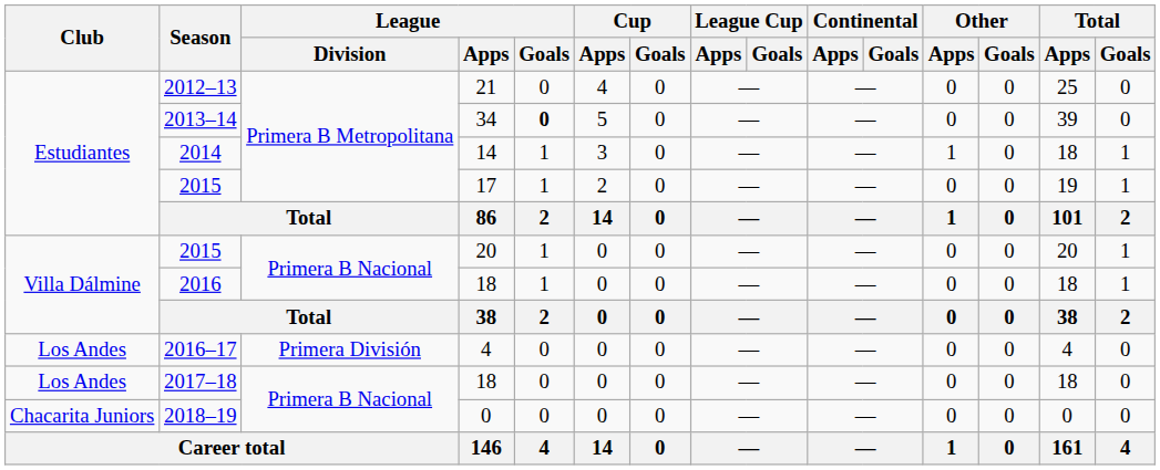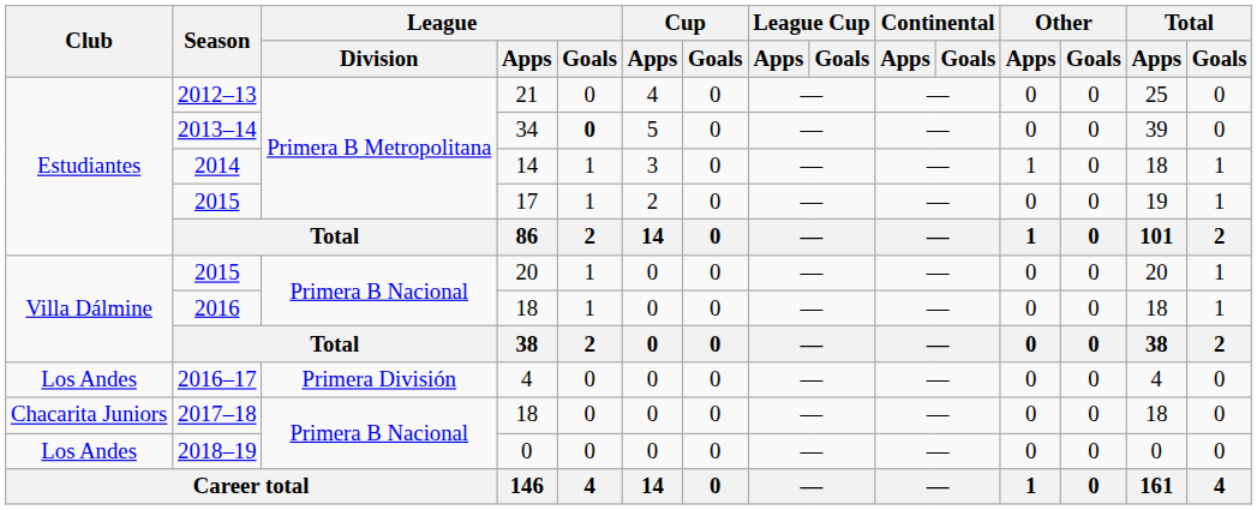 <table class="wikitable" style="text-align:center">
 <tr>
 <th rowspan="2">Club</th>
 <th rowspan="2">Season</th>
 <th colspan="3">League</th>
 <th colspan="2">Cup</th>
 <th colspan="2">League Cup</th>
 <th colspan="2">Continental</th>
 <th colspan="2">Other</th>
 <th colspan="2">Total</th>
 </tr>
 <tr>
 <th>Division</th>
 <th>Apps</th>
 <th>Goals</th>
 <th>Apps</th>
 <th>Goals</th>
 <th>Apps</th>
 <th>Goals</th>
 <th>Apps</th>
 <th>Goals</th>
 <th>Apps</th>
 <th>Goals</th>
 <th>Apps</th>
 <th>Goals</th>
 </tr>
 <tr>
 <td rowspan="5"><a href='#'>Estudiantes</a></td>
 <td><a href='#'>2012–13</a></td>
 <td rowspan="4"><a href='#'>Primera B Metropolitana</a></td>
 <td>21</td>
 <td>0</td>
 <td>4</td>
 <td>0</td>
 <td colspan="2">—</td>
 <td colspan="2">—</td>
 <td>0</td>
 <td>0</td>
 <td>25</td>
 <td>0</td>
 </tr>
 <tr>
 <td><a href='#'>2013–14</a></td>
 <td>34</td>
 <td><strong>0</strong></td>
 <td>5</td>
 <td>0</td>
 <td colspan="2">—</td>
 <td colspan="2">—</td>
 <td>0</td>
 <td>0</td>
 <td>39</td>
 <td>0</td>
 </tr>
 <tr>
 <td><a href='#'>2014</a></td>
 <td>14</td>
 <td>1</td>
 <td>3</td>
 <td>0</td>
 <td colspan="2">—</td>
 <td colspan="2">—</td>
 <td>1</td>
 <td>0</td>
 <td>18</td>
 <td>1</td>
 </tr>
 <tr>
 <td><a href='#'>2015</a></td>
 <td>17</td>
 <td>1</td>
 <td>2</td>
 <td>0</td>
 <td colspan="2">—</td>
 <td colspan="2">—</td>
 <td>0</td>
 <td>0</td>
 <td>19</td>
 <td>1</td>
 </tr>
 <tr>
 <th colspan="2">Total</th>
 <th>86</th>
 <th>2</th>
 <th>14</th>
 <th>0</th>
 <th colspan="2">—</th>
 <th colspan="2">—</th>
 <th>1</th>
 <th>0</th>
 <th>101</th>
 <th>2</th>
 </tr>
 <tr>
 <td rowspan="3"><a href='#'>Villa Dálmine</a></td>
 <td><a href='#'>2015</a></td>
 <td rowspan="2"><a href='#'>Primera B Nacional</a></td>
 <td>20</td>
 <td>1</td>
 <td>0</td>
 <td>0</td>
 <td colspan="2">—</td>
 <td colspan="2">—</td>
 <td>0</td>
 <td>0</td>
 <td>20</td>
 <td>1</td>
 </tr>
 <tr>
 <td><a href='#'>2016</a></td>
 <td>18</td>
 <td>1</td>
 <td>0</td>
 <td>0</td>
 <td colspan="2">—</td>
 <td colspan="2">—</td>
 <td>0</td>
 <td>0</td>
 <td>18</td>
 <td>1</td>
 </tr>
 <tr>
 <th colspan="2">Total</th>
 <th>38</th>
 <th>2</th>
 <th>0</th>
 <th>0</th>
 <th colspan="2">—</th>
 <th colspan="2">—</th>
 <th>0</th>
 <th>0</th>
 <th>38</th>
 <th>2</th>
 </tr>
 <tr>
 <td rowspan="1"><a href='#'>Los Andes</a></td>
 <td><a href='#'>2016–17</a></td>
 <td rowspan="1"><a href='#'>Primera División</a></td>
 <td>4</td>
 <td>0</td>
 <td>0</td>
 <td>0</td>
 <td colspan="2">—</td>
 <td colspan="2">—</td>
 <td>0</td>
 <td>0</td>
 <td>4</td>
 <td>0</td>
 </tr>
 <tr>
-<td rowspan="1"><a href='#'>Los Andes</a></td>
+<td rowspan="1"><a href='#'>Chacarita Juniors</a></td>
 <td><a href='#'>2017–18</a></td>
 <td rowspan="2"><a href='#'>Primera B Nacional</a></td>
 <td>18</td>
 <td>0</td>
 <td>0</td>
 <td>0</td>
 <td colspan="2">—</td>
 <td colspan="2">—</td>
 <td>0</td>
 <td>0</td>
 <td>18</td>
 <td>0</td>
 </tr>
 <tr>
-<td rowspan="1"><a href='#'>Chacarita Juniors</a></td>
+<td rowspan="1"><a href='#'>Los Andes</a></td>
 <td><a href='#'>2018–19</a></td>
 <td>0</td>
 <td>0</td>
 <td>0</td>
 <td>0</td>
 <td colspan="2">—</td>
 <td colspan="2">—</td>
 <td>0</td>
 <td>0</td>
 <td>0</td>
 <td>0</td>
 </tr>
 <tr>
 <th colspan="3">Career total</th>
 <th>146</th>
 <th>4</th>
 <th>14</th>
 <th>0</th>
 <th colspan="2">—</th>
 <th colspan="2">—</th>
 <th>1</th>
 <th>0</th>
 <th>161</th>
 <th>4</th>
 </tr>
 </table>
